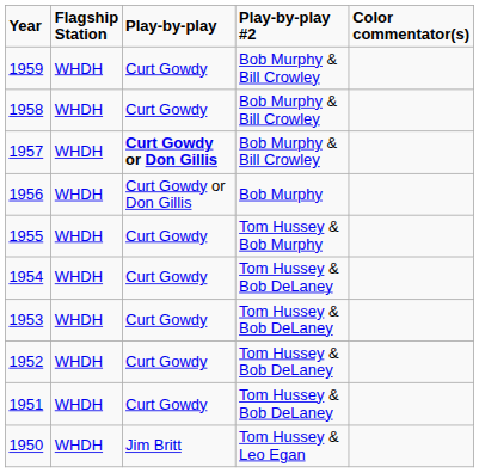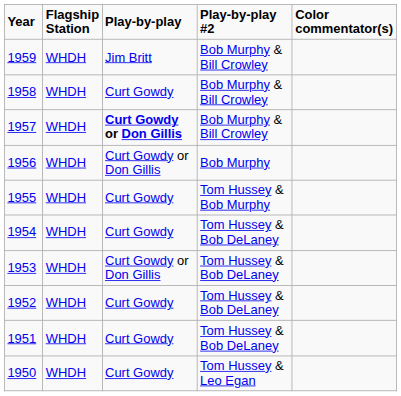 <table class="wikitable">
 <tr>
 <td width="40"><strong>Year</strong></td>
 <td width="40"><strong>Flagship Station</strong></td>
 <td width="110"><strong>Play-by-play</strong></td>
 <td width="110"><strong>Play-by-play #2</strong></td>
 <td width="110"><strong>Color commentator(s)</strong></td>
 </tr>
 <tr>
 <td><a href='#'>1959</a></td>
 <td><a href='#'>WHDH</a></td>
-<td><a href='#'>Curt Gowdy</a></td>
+<td><a href='#'>Jim Britt</a></td>
 <td><a href='#'>Bob Murphy</a> & <a href='#'>Bill Crowley</a></td>
 <td></td>
 </tr>
 <tr>
 <td><a href='#'>1958</a></td>
 <td><a href='#'>WHDH</a></td>
 <td><a href='#'>Curt Gowdy</a></td>
 <td><a href='#'>Bob Murphy</a> & <a href='#'>Bill Crowley</a></td>
 <td></td>
 </tr>
 <tr>
 <td><a href='#'>1957</a></td>
 <td><a href='#'>WHDH</a></td>
 <td><strong><a href='#'>Curt Gowdy</a> or <a href='#'>Don Gillis</a></strong></td>
 <td><a href='#'>Bob Murphy</a> & <a href='#'>Bill Crowley</a></td>
 <td></td>
 </tr>
 <tr>
 <td><a href='#'>1956</a></td>
 <td><a href='#'>WHDH</a></td>
 <td><a href='#'>Curt Gowdy</a> or <a href='#'>Don Gillis</a></td>
 <td><a href='#'>Bob Murphy</a></td>
 <td></td>
 </tr>
 <tr>
 <td><a href='#'>1955</a></td>
 <td><a href='#'>WHDH</a></td>
 <td><a href='#'>Curt Gowdy</a></td>
 <td><a href='#'>Tom Hussey</a> & <a href='#'>Bob Murphy</a></td>
 <td></td>
 </tr>
 <tr>
 <td><a href='#'>1954</a></td>
 <td><a href='#'>WHDH</a></td>
 <td><a href='#'>Curt Gowdy</a></td>
 <td><a href='#'>Tom Hussey</a> & <a href='#'>Bob DeLaney</a></td>
 <td></td>
 </tr>
 <tr>
 <td><a href='#'>1953</a></td>
 <td><a href='#'>WHDH</a></td>
-<td><a href='#'>Curt Gowdy</a></td>
+<td><a href='#'>Curt Gowdy</a> or <a href='#'>Don Gillis</a></td>
 <td><a href='#'>Tom Hussey</a> & <a href='#'>Bob DeLaney</a></td>
 <td></td>
 </tr>
 <tr>
 <td><a href='#'>1952</a></td>
 <td><a href='#'>WHDH</a></td>
 <td><a href='#'>Curt Gowdy</a></td>
 <td><a href='#'>Tom Hussey</a> & <a href='#'>Bob DeLaney</a></td>
 <td></td>
 </tr>
 <tr>
 <td><a href='#'>1951</a></td>
 <td><a href='#'>WHDH</a></td>
 <td><a href='#'>Curt Gowdy</a></td>
 <td><a href='#'>Tom Hussey</a> & <a href='#'>Bob DeLaney</a></td>
 <td></td>
 </tr>
 <tr>
 <td><a href='#'>1950</a></td>
 <td><a href='#'>WHDH</a></td>
-<td><a href='#'>Jim Britt</a></td>
+<td><a href='#'>Curt Gowdy</a></td>
 <td><a href='#'>Tom Hussey</a> & <a href='#'>Leo Egan</a></td>
 <td></td>
 </tr>
 </table>
